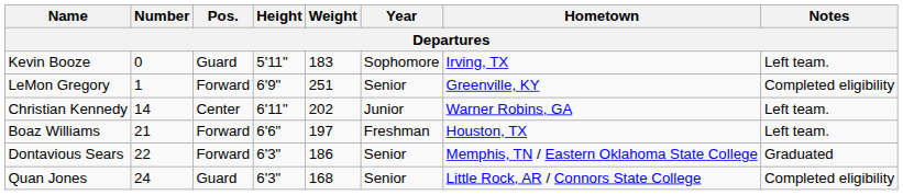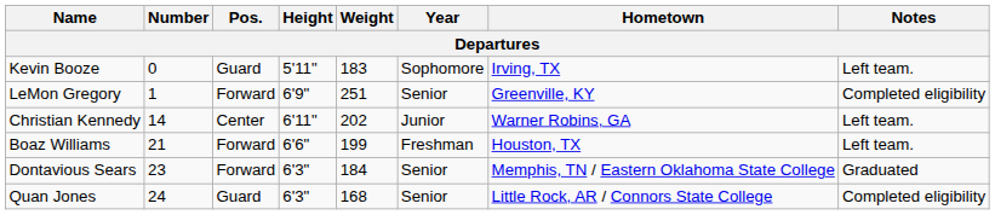 <table class="wikitable sortable" border="1">
 <tr>
 <th>Name</th>
 <th>Number</th>
 <th>Pos.</th>
 <th>Height</th>
 <th>Weight</th>
 <th>Year</th>
 <th>Hometown</th>
 <th class="unsortable">Notes</th>
 </tr>
 <tr>
 <th colspan=9>Departures</th>
 </tr>
 <tr>
 <td sortname>Kevin Booze</td>
 <td>0</td>
 <td>Guard</td>
 <td>5'11"</td>
 <td>183</td>
 <td>Sophomore</td>
 <td><a href='#'>Irving, TX</a></td>
 <td>Left team.</td>
 </tr>
 <tr>
 <td sortname>LeMon Gregory</td>
 <td>1</td>
 <td>Forward</td>
 <td>6'9"</td>
 <td>251</td>
 <td>Senior</td>
 <td><a href='#'>Greenville, KY</a></td>
 <td>Completed eligibility</td>
 </tr>
 <tr>
 <td sortname>Christian Kennedy</td>
 <td>14</td>
 <td>Center</td>
 <td>6'11"</td>
 <td>202</td>
 <td>Junior</td>
 <td><a href='#'>Warner Robins, GA</a></td>
 <td>Left team.</td>
 </tr>
 <tr>
 <td sortname>Boaz Williams</td>
 <td>21</td>
 <td>Forward</td>
 <td>6'6"</td>
-<td>197</td>
+<td>199</td>
 <td>Freshman</td>
 <td><a href='#'>Houston, TX</a></td>
 <td>Left team.</td>
 </tr>
 <tr>
 <td sortname>Dontavious Sears</td>
-<td>22</td>
+<td>23</td>
 <td>Forward</td>
 <td>6'3"</td>
-<td>186</td>
+<td>184</td>
 <td>Senior</td>
 <td><a href='#'>Memphis, TN</a> / <a href='#'>Eastern Oklahoma State College</a></td>
 <td>Graduated</td>
 </tr>
 <tr>
 <td sortname>Quan Jones</td>
 <td>24</td>
 <td>Guard</td>
 <td>6'3"</td>
 <td>168</td>
 <td>Senior</td>
 <td><a href='#'>Little Rock, AR</a> / <a href='#'>Connors State College</a></td>
 <td>Completed eligibility</td>
 </tr>
 </table>
